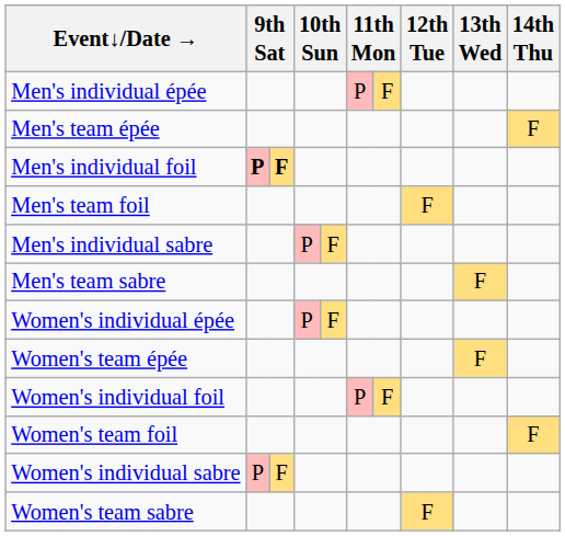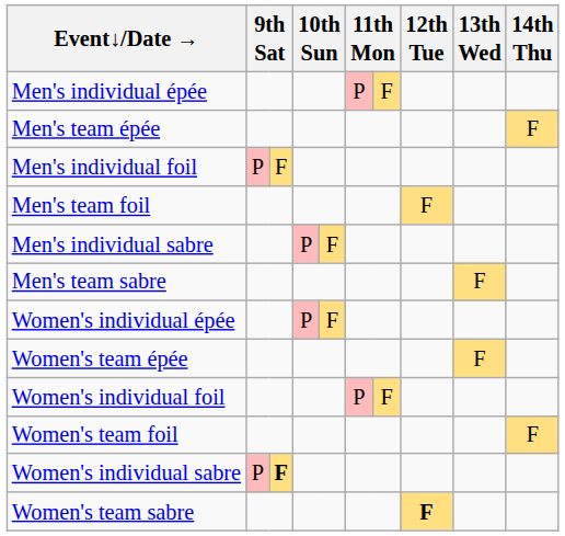 <table class="wikitable" style="margin:0.5em auto; font-size:90%; line-height:1.25em; text-align:center;">
 <tr>
 <th>Event↓/Date →</th>
 <th colspan=2>9th<br>Sat</th>
 <th colspan=2>10th<br>Sun</th>
 <th colspan=2>11th<br>Mon</th>
 <th>12th<br>Tue</th>
 <th>13th<br>Wed</th>
 <th>14th<br>Thu</th>
 </tr>
 <tr>
 <td style="text-align:left;"><a href='#'>Men's individual épée</a></td>
 <td colspan=2></td>
 <td colspan=2></td>
 <td bgcolor="#FFBBBB">P</td>
 <td bgcolor="#FFDF80">F</td>
 <td></td>
 <td></td>
 <td></td>
 </tr>
 <tr>
 <td style="text-align:left;"><a href='#'>Men's team épée</a></td>
 <td colspan=2></td>
 <td colspan=2></td>
 <td colspan=2></td>
 <td></td>
 <td></td>
 <td bgcolor="#FFDF80">F</td>
 </tr>
 <tr>
 <td style="text-align:left;"><a href='#'>Men's individual foil</a></td>
-<td bgcolor="#FFBBBB"><strong>P</strong></td>
-<td bgcolor="#FFDF80"><strong>F</strong></td>
+<td bgcolor="#FFBBBB">P</td>
+<td bgcolor="#FFDF80">F</td>
 <td colspan=2></td>
 <td colspan=2></td>
 <td></td>
 <td></td>
 <td></td>
 </tr>
 <tr>
 <td style="text-align:left;"><a href='#'>Men's team foil</a></td>
 <td colspan=2></td>
 <td colspan=2></td>
 <td colspan=2></td>
 <td bgcolor="#FFDF80">F</td>
 <td></td>
 <td></td>
 </tr>
 <tr>
 <td style="text-align:left;"><a href='#'>Men's individual sabre</a></td>
 <td colspan=2></td>
 <td bgcolor="#FFBBBB">P</td>
 <td bgcolor="#FFDF80">F</td>
 <td colspan=2></td>
 <td></td>
 <td></td>
 <td></td>
 </tr>
 <tr>
 <td style="text-align:left;"><a href='#'>Men's team sabre</a></td>
 <td colspan=2></td>
 <td colspan=2></td>
 <td colspan=2></td>
 <td></td>
 <td bgcolor="#FFDF80">F</td>
 <td></td>
 </tr>
 <tr>
 <td style="text-align:left;"><a href='#'>Women's individual épée</a></td>
 <td colspan=2></td>
 <td bgcolor="#FFBBBB">P</td>
 <td bgcolor="#FFDF80">F</td>
 <td colspan=2></td>
 <td></td>
 <td></td>
 <td></td>
 </tr>
 <tr>
 <td style="text-align:left;"><a href='#'>Women's team épée</a></td>
 <td colspan=2></td>
 <td colspan=2></td>
 <td colspan=2></td>
 <td></td>
 <td bgcolor="#FFDF80">F</td>
 <td></td>
 </tr>
 <tr>
 <td style="text-align:left;"><a href='#'>Women's individual foil</a></td>
 <td colspan=2></td>
 <td colspan=2></td>
 <td bgcolor="#FFBBBB">P</td>
 <td bgcolor="#FFDF80">F</td>
 <td></td>
 <td></td>
 <td></td>
 </tr>
 <tr>
 <td style="text-align:left;"><a href='#'>Women's team foil</a></td>
 <td colspan=2></td>
 <td colspan=2></td>
 <td colspan=2></td>
 <td></td>
 <td></td>
 <td bgcolor="#FFDF80">F</td>
 </tr>
 <tr>
 <td style="text-align:left;"><a href='#'>Women's individual sabre</a></td>
 <td bgcolor="#FFBBBB">P</td>
-<td bgcolor="#FFDF80">F</td>
+<td bgcolor="#FFDF80"><strong>F</strong></td>
 <td colspan=2></td>
 <td colspan=2></td>
 <td></td>
 <td></td>
 <td></td>
 </tr>
 <tr>
 <td style="text-align:left;"><a href='#'>Women's team sabre</a></td>
 <td colspan=2></td>
 <td colspan=2></td>
 <td colspan=2></td>
-<td bgcolor="#FFDF80">F</td>
+<td bgcolor="#FFDF80"><strong>F</strong></td>
 <td></td>
 <td></td>
 </tr>
 </table>
